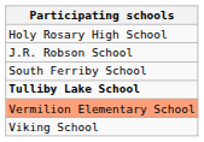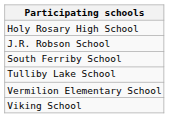 <table class="wikitable" align=right>
 <tr>
 <th>Participating schools</th>
 </tr>
 <tr>
 <td>Holy Rosary High School</td>
 </tr>
 <tr>
 <td>J.R. Robson School</td>
 </tr>
 <tr>
 <td>South Ferriby School</td>
 </tr>
 <tr>
-<td><strong>Tulliby Lake School</strong></td>
+<td>Tulliby Lake School</td>
 </tr>
 <tr>
-<td style="background: lightsalmon;">Vermilion Elementary School</td>
+<td>Vermilion Elementary School</td>
 </tr>
 <tr>
 <td>Viking School</td>
 </tr>
 </table>
